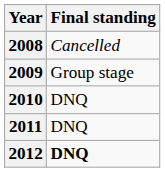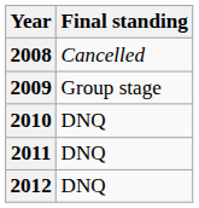 <table class="wikitable">
 <tr style="text-align:center;" |>
 <th>Year</th>
 <th>Final standing</th>
 </tr>
 <tr>
 <th>2008</th>
 <td><em>Cancelled</em></td>
 </tr>
 <tr>
 <th>2009</th>
 <td>Group stage</td>
 </tr>
 <tr>
 <th>2010</th>
 <td>DNQ</td>
 </tr>
 <tr>
 <th>2011</th>
 <td>DNQ</td>
 </tr>
 <tr>
 <th>2012</th>
-<td><strong>DNQ</strong></td>
+<td>DNQ</td>
 </tr>
 </table>
